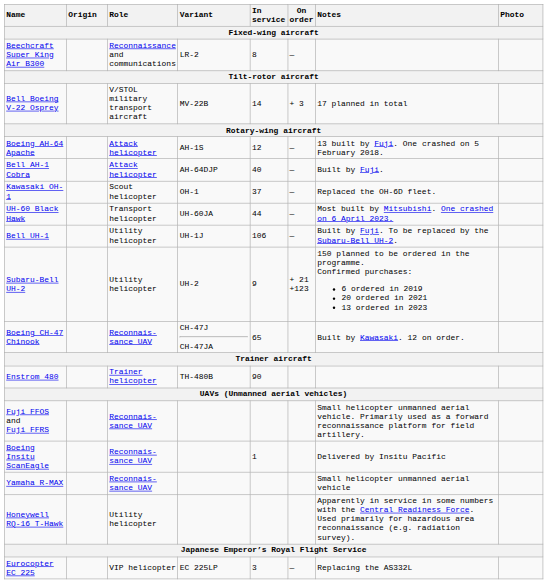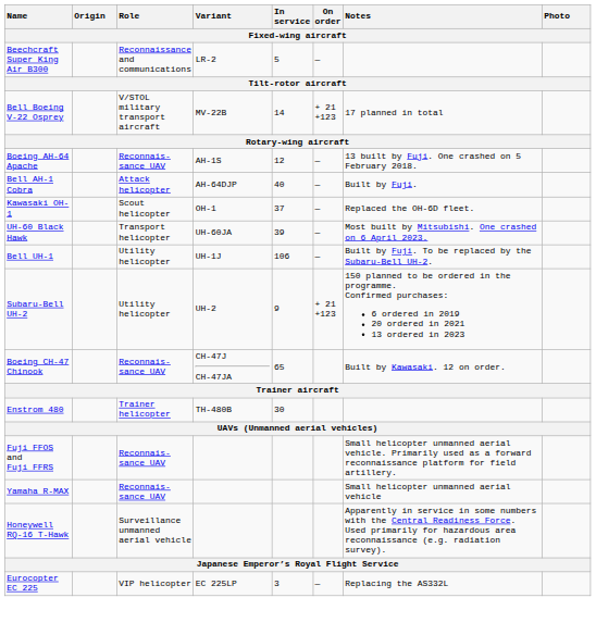 <table class="wikitable" style="margin:auto; width:100%;">
 <tr>
 <th style="text-align: left; width:12%;">Name</th>
 <th style="text-align: left; width:8%;">Origin</th>
 <th style="text-align: left; width:10%;">Role</th>
 <th style="text-align: left; width:15%;">Variant</th>
 <th style="text-align: left; width:7%;">In service</th>
 <th>On order</th>
 <th style="text-align: left; width:39%;">Notes</th>
 <th style="text-align: left; width:10%; ">Photo</th>
 </tr>
 <tr>
 <th colspan="8" style="align: center;">Fixed-wing aircraft</th>
 </tr>
 <tr>
 <td><a href='#'>Beechcraft Super King Air B300</a></td>
 <td></td>
 <td><a href='#'>Reconnaissance</a> and communications</td>
 <td>LR-2</td>
-<td>8</td>
+<td>5</td>
 <td>—</td>
 <td></td>
 <td></td>
 </tr>
 <tr>
 <th colspan="8">Tilt-rotor aircraft</th>
 </tr>
 <tr>
 <td><a href='#'>Bell Boeing V-22 Osprey</a></td>
 <td></td>
 <td>V/STOL military transport aircraft</td>
 <td>MV-22B</td>
 <td>14 </td>
-<td>+ 3 </td>
+<td>+ 21<br>+123 </td>
 <td>17 planned in total </td>
 <td></td>
 </tr>
 <tr>
 <th colspan="8" style="align: center;">Rotary-wing aircraft</th>
 </tr>
 <tr>
 <td><a href='#'>Boeing AH-64 Apache</a></td>
 <td></td>
-<td><a href='#'>Attack helicopter</a></td>
+<td><a href='#'>Reconnais-sance UAV</a></td>
 <td>AH-1S</td>
 <td>12 </td>
 <td>—</td>
 <td>13 built by <a href='#'>Fuji</a>. One crashed on 5 February 2018.</td>
 <td></td>
 </tr>
 <tr>
 <td><a href='#'>Bell AH-1 Cobra</a></td>
 <td></td>
 <td><a href='#'>Attack helicopter</a></td>
 <td>AH-64DJP</td>
 <td>40 </td>
 <td>—</td>
 <td>Built by <a href='#'>Fuji</a>.</td>
 <td></td>
 </tr>
 <tr>
 <td><a href='#'>Kawasaki OH-1</a></td>
 <td></td>
 <td>Scout helicopter</td>
 <td>OH-1</td>
 <td>37 </td>
 <td>—</td>
 <td>Replaced the OH-6D fleet.</td>
 <td></td>
 </tr>
 <tr>
 <td><a href='#'>UH-60 Black Hawk</a></td>
 <td></td>
 <td>Transport helicopter</td>
 <td>UH-60JA</td>
-<td>44 </td>
+<td>39 </td>
 <td>—</td>
 <td>Most built by <a href='#'>Mitsubishi</a>. <a href='#'>One crashed on 6 April 2023.</a></td>
 <td></td>
 </tr>
 <tr>
 <td><a href='#'>Bell UH-1</a></td>
 <td></td>
 <td>Utility helicopter</td>
 <td>UH-1J</td>
 <td>106 </td>
 <td>—</td>
 <td>Built by <a href='#'>Fuji</a>. To be replaced by the <a href='#'>Subaru-Bell UH-2</a>.</td>
 <td></td>
 </tr>
 <tr>
 <td><a href='#'>Subaru-Bell UH-2</a></td>
 <td></td>
 <td>Utility helicopter</td>
 <td>UH-2</td>
 <td>9 </td>
 <td>+ 21<br>+123 </td>
 <td>150 planned to be ordered in the programme.<br>Confirmed purchases:<ul><li>6 ordered in 2019</li><li>20 ordered in 2021</li><li>13 ordered in 2023</li></ul></td>
 <td></td>
 </tr>
 <tr>
 <td><a href='#'>Boeing CH-47 Chinook</a></td>
 <td></td>
 <td><a href='#'>Reconnais-sance UAV</a></td>
 <td>CH-47J<hr>CH-47JA</td>
 <td>65 </td>
 <td></td>
 <td>Built by <a href='#'>Kawasaki</a>. 12 on order.</td>
 <td></td>
 </tr>
 <tr>
 <th colspan="8">Trainer aircraft</th>
 </tr>
 <tr>
 <td><a href='#'>Enstrom 480</a></td>
 <td></td>
 <td><a href='#'>Trainer helicopter</a></td>
 <td>TH-480B</td>
-<td>90 </td>
+<td>30 </td>
 <td></td>
 <td></td>
 <td></td>
 </tr>
 <tr>
 <th colspan="8" style="align: center;">UAVs (Unmanned aerial vehicles)</th>
 </tr>
 <tr>
 <td><a href='#'>Fuji FFOS</a><br>and<br><a href='#'>Fuji FFRS</a></td>
 <td></td>
 <td><a href='#'>Reconnais-sance UAV</a></td>
 <td></td>
 <td></td>
 <td></td>
 <td>Small helicopter unmanned aerial vehicle. Primarily used as a forward reconnaissance platform for field artillery.</td>
 <td></td>
 </tr>
 <tr>
-<td><a href='#'>Boeing Insitu ScanEagle</a></td>
-<td></td>
-<td><a href='#'>Reconnais-sance UAV</a></td>
-<td></td>
-<td>1</td>
-<td></td>
-<td>Delivered by Insitu Pacific</td>
-<td></td>
-</tr>
-<tr>
 <td><a href='#'>Yamaha R-MAX</a></td>
 <td></td>
 <td><a href='#'>Reconnais-sance UAV</a></td>
 <td></td>
 <td></td>
 <td></td>
 <td>Small helicopter unmanned aerial vehicle</td>
 <td></td>
 </tr>
 <tr>
 <td><a href='#'>Honeywell RQ-16 T-Hawk</a></td>
 <td></td>
-<td>Utility helicopter</td>
+<td>Surveillance unmanned aerial vehicle</td>
 <td></td>
 <td></td>
 <td></td>
 <td>Apparently in service in some numbers with the <a href='#'>Central Readiness Force</a>. Used primarily for hazardous area reconnaissance (e.g. radiation survey).</td>
 <td></td>
 </tr>
 <tr>
 <th colspan="8">Japanese Emperor’s Royal Flight Service</th>
 </tr>
 <tr>
 <td><a href='#'>Eurocopter EC 225</a></td>
 <td></td>
 <td>VIP helicopter</td>
 <td>EC 225LP</td>
 <td>3</td>
 <td>—</td>
 <td>Replacing the AS332L</td>
 <td></td>
 </tr>
 </table>
